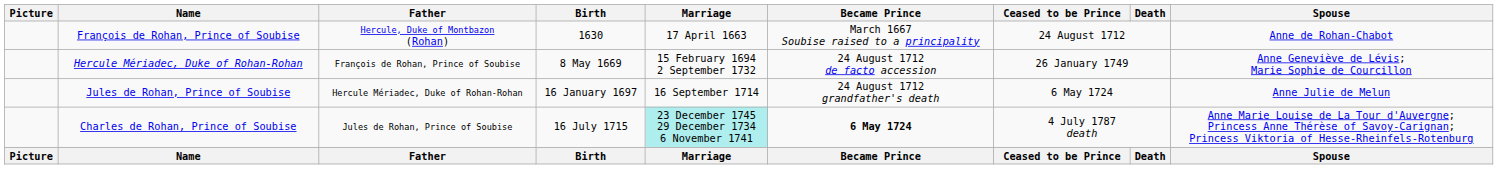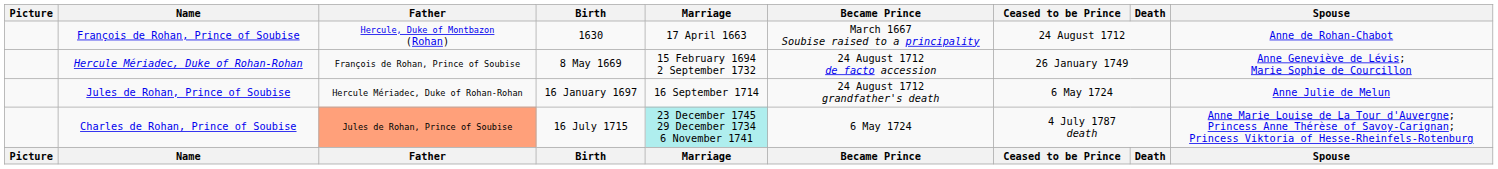 <table width=95% class="wikitable">
 <tr>
 <th>Picture</th>
 <th>Name</th>
 <th>Father</th>
 <th>Birth</th>
 <th>Marriage</th>
 <th>Became Prince</th>
 <th>Ceased to be Prince</th>
 <th>Death</th>
 <th>Spouse</th>
 </tr>
 <tr>
 <td align="center"></td>
 <td align="center"><a href='#'>François de Rohan, Prince of Soubise</a></td>
 <td align="center"><small><a href='#'>Hercule, Duke of Montbazon</a></small><br> (<a href='#'>Rohan</a>)</td>
 <td align="center">1630</td>
 <td align="center">17 April 1663</td>
 <td align="center">March 1667<br><em>Soubise raised to a <a href='#'>principality</a></em></td>
 <td align="center" colspan="2">24 August 1712</td>
 <td align="center"><a href='#'>Anne de Rohan-Chabot</a></td>
 </tr>
 <tr>
 <td align="center"></td>
 <td align="center"><em><a href='#'>Hercule Mériadec, Duke of Rohan-Rohan</a></em></td>
 <td align="center"><small>François de Rohan, Prince of Soubise</small></td>
 <td align="center">8 May 1669</td>
 <td align="center">15 February 1694<br>2 September 1732</td>
 <td align="center">24 August 1712<br><em><a href='#'>de facto</a> accession</em></td>
 <td align="center" colspan="2">26 January 1749</td>
 <td align="center"><a href='#'>Anne Geneviève de Lévis</a>;<br><a href='#'>Marie Sophie de Courcillon</a></td>
 </tr>
 <tr>
 <td align="center"></td>
 <td align="center"><a href='#'>Jules de Rohan, Prince of Soubise</a></td>
 <td align="center"><small>Hercule Mériadec, Duke of Rohan-Rohan </small></td>
 <td align="center">16 January 1697</td>
 <td align="center">16 September 1714</td>
 <td align="center">24 August 1712<br><em>grandfather's death</em></td>
 <td align="center" colspan="2">6 May 1724</td>
 <td align="center"><a href='#'>Anne Julie de Melun</a></td>
 </tr>
 <tr>
 <td align="center"></td>
 <td align="center"><a href='#'>Charles de Rohan, Prince of Soubise</a></td>
-<td align="center"><small>Jules de Rohan, Prince of Soubise</small></td>
+<td align="center" style="background: lightsalmon;"><small>Jules de Rohan, Prince of Soubise</small></td>
 <td align="center">16 July 1715</td>
 <td align="center" style="background: paleturquoise;">23 December 1745<br>29 December 1734<br>6 November 1741</td>
-<td align="center"><strong>6 May 1724</strong></td>
+<td align="center">6 May 1724</td>
 <td align="center" colspan="2">4 July 1787<br><em>death</em></td>
 <td align="center"><a href='#'>Anne Marie Louise de La Tour d'Auvergne</a>;<br><a href='#'>Princess Anne Thérèse of Savoy-Carignan</a>;<br> <a href='#'>Princess Viktoria of Hesse-Rheinfels-Rotenburg</a></td>
 </tr>
 <tr>
 <th>Picture</th>
 <th>Name</th>
 <th>Father</th>
 <th>Birth</th>
 <th>Marriage</th>
 <th>Became Prince</th>
 <th>Ceased to be Prince</th>
 <th>Death</th>
 <th>Spouse</th>
 </tr>
 </table>
